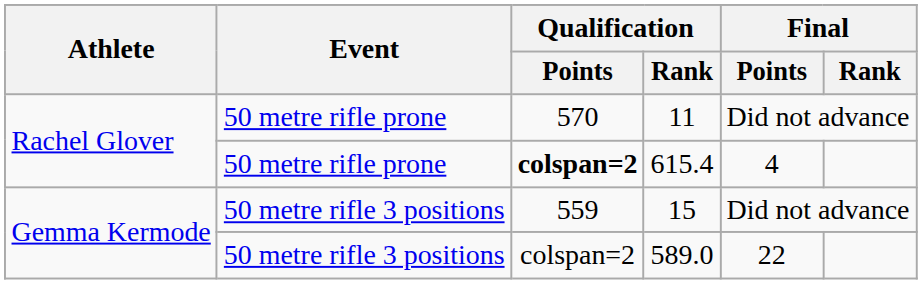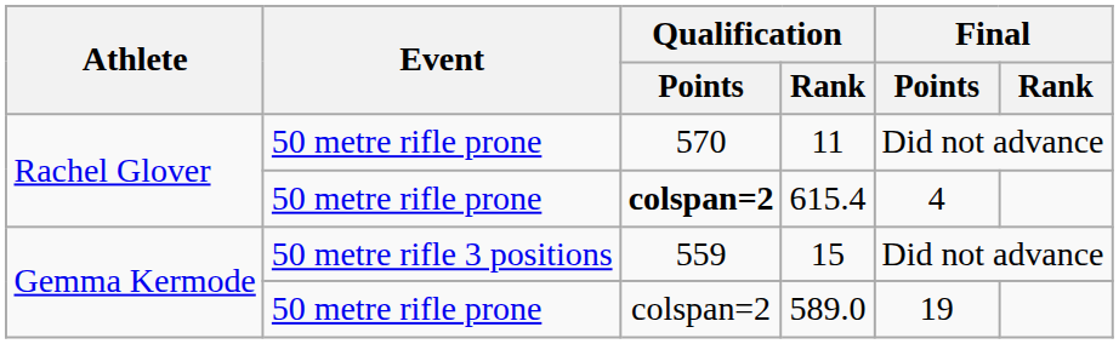 <table class="wikitable" style="font-size:90%">
 <tr>
 <th rowspan=2>Athlete</th>
 <th rowspan=2>Event</th>
 <th colspan=2>Qualification</th>
 <th colspan=2>Final</th>
 </tr>
 <tr style="font-size:95%">
 <th>Points</th>
 <th>Rank</th>
 <th>Points</th>
 <th>Rank</th>
 </tr>
 <tr align=center>
 <td align=left rowspan=2><a href='#'>Rachel Glover</a></td>
 <td align=left><a href='#'>50 metre rifle prone</a></td>
 <td>570</td>
 <td>11</td>
 <td colspan=2>Did not advance</td>
 </tr>
 <tr align=center>
 <td align=left><a href='#'>50 metre rifle prone</a></td>
 <td><strong>colspan=2 </strong></td>
 <td>615.4</td>
 <td>4</td>
 </tr>
 <tr align=center>
 <td align=left rowspan=2><a href='#'>Gemma Kermode</a></td>
 <td align=left><a href='#'>50 metre rifle 3 positions</a></td>
 <td>559</td>
 <td>15</td>
 <td colspan=2>Did not advance</td>
 </tr>
 <tr align=center>
-<td align=left><a href='#'>50 metre rifle 3 positions</a></td>
+<td align=left><a href='#'>50 metre rifle prone</a></td>
 <td>colspan=2 </td>
 <td>589.0</td>
-<td>22</td>
+<td>19</td>
 </tr>
 </table>
